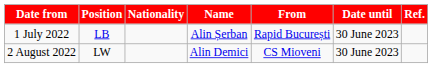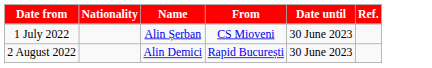 <table class="wikitable"  style="text-align:center; font-size:90%; ">
 <tr>
 <th style="background:red;color:white;">Date from</th>
-<th style="background:red;color:white;">Position</th>
 <th style="background:red;color:white;">Nationality</th>
 <th style="background:red;color:white;">Name</th>
 <th style="background:red;color:white;">From</th>
 <th style="background:red;color:white;">Date until</th>
 <th style="background:red;color:white;">Ref.</th>
 </tr>
 <tr>
 <td>1 July 2022</td>
-<td><a href='#'>LB</a></td>
 <td></td>
 <td><a href='#'>Alin Șerban</a></td>
-<td><a href='#'>Rapid București</a></td>
+<td><a href='#'>CS Mioveni</a></td>
 <td>30 June 2023</td>
 <td></td>
 </tr>
 <tr>
 <td>2 August 2022</td>
-<td>LW</td>
 <td></td>
 <td><a href='#'>Alin Demici</a></td>
-<td><a href='#'>CS Mioveni</a></td>
+<td><a href='#'>Rapid București</a></td>
 <td>30 June 2023</td>
 <td></td>
 </tr>
 </table>
